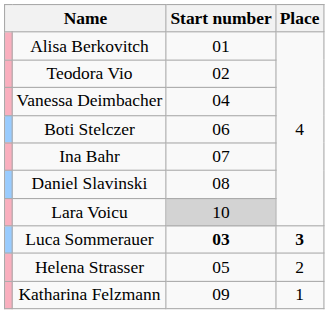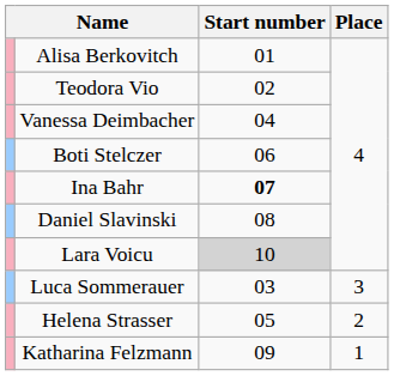 <table class="wikitable sortable" style="text-align:center">
 <tr>
 <th colspan=2>Name</th>
 <th>Start number</th>
 <th>Place</th>
 </tr>
 <tr>
 <td style="background:#faafbe"></td>
 <td>Alisa Berkovitch</td>
 <td>01</td>
 <td rowspan=7>4</td>
 </tr>
 <tr>
 <td style="background:#faafbe"></td>
 <td>Teodora Vio</td>
 <td>02</td>
 </tr>
 <tr>
 <td style="background:#faafbe"></td>
 <td>Vanessa Deimbacher</td>
 <td>04</td>
 </tr>
 <tr>
 <td style="background:#9cf;"></td>
 <td>Boti Stelczer</td>
 <td>06</td>
 </tr>
 <tr>
 <td style="background:#faafbe"></td>
 <td>Ina Bahr</td>
-<td>07</td>
+<td><strong>07</strong></td>
 </tr>
 <tr>
 <td style="background:#9cf;"></td>
 <td>Daniel Slavinski</td>
 <td>08</td>
 </tr>
 <tr>
 <td style="background:#faafbe"></td>
 <td>Lara Voicu</td>
 <td style="background: lightgrey;">10</td>
 </tr>
 <tr>
 <td style="background:#9cf;"></td>
 <td>Luca Sommerauer</td>
-<td><strong>03</strong></td>
-<td><strong>3</strong></td>
+<td>03</td>
+<td>3</td>
 </tr>
 <tr>
 <td style="background:#faafbe"></td>
 <td>Helena Strasser</td>
 <td>05</td>
 <td>2</td>
 </tr>
 <tr>
 <td style="background:#faafbe"></td>
 <td>Katharina Felzmann</td>
 <td>09</td>
 <td>1</td>
 </tr>
 </table>
